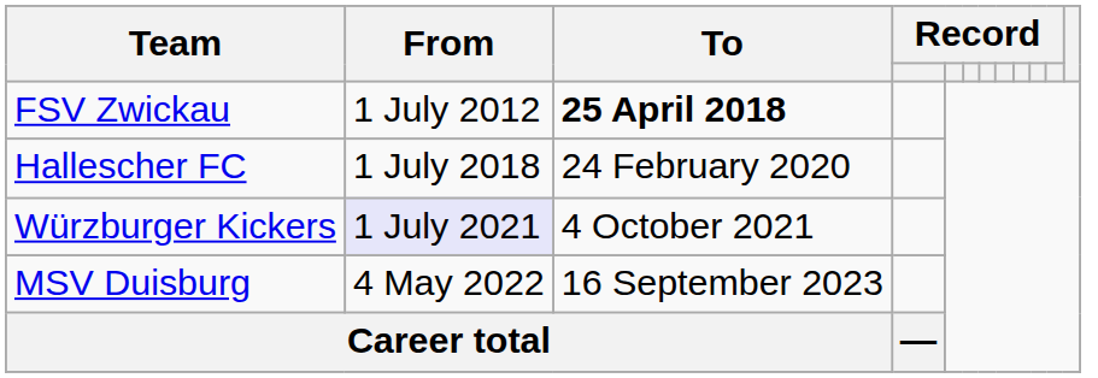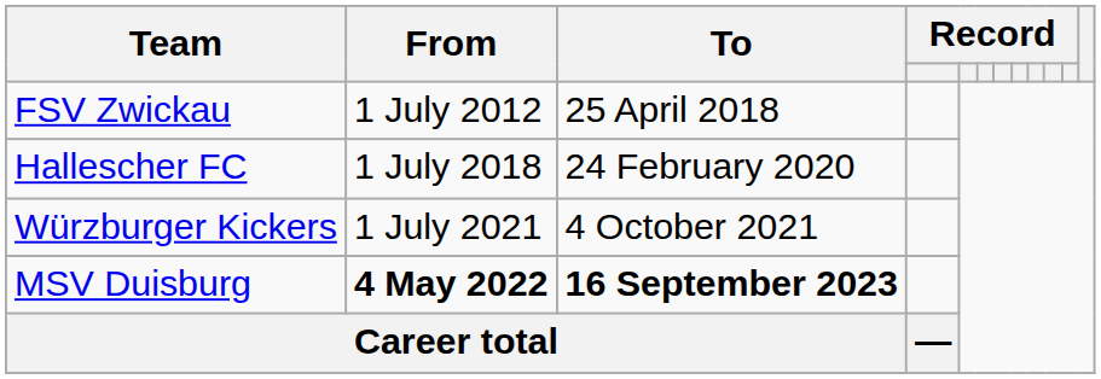 <table class="wikitable" style="text-align: center">
 <tr>
 <th rowspan="2">Team</th>
 <th rowspan="2">From</th>
 <th rowspan="2">To</th>
 <th colspan="8">Record</th>
 <th rowspan=2></th>
 </tr>
 <tr>
 <th></th>
 <th></th>
 <th></th>
 <th></th>
 <th></th>
 <th></th>
 <th></th>
 <th></th>
 </tr>
 <tr>
 <td align="left"><a href='#'>FSV Zwickau</a></td>
 <td align=left>1 July 2012</td>
-<td align=left><strong>25 April 2018<br></strong></td>
+<td align=left>25 April 2018<br></td>
 <td></td>
 </tr>
 <tr>
 <td align="left"><a href='#'>Hallescher FC</a></td>
 <td align=left>1 July 2018</td>
 <td align=left>24 February 2020<br></td>
 <td></td>
 </tr>
 <tr>
 <td align="left"><a href='#'>Würzburger Kickers</a></td>
-<td align=left style="background: lavender;">1 July 2021</td>
+<td align=left>1 July 2021</td>
 <td align=left>4 October 2021<br></td>
 <td></td>
 </tr>
 <tr>
 <td align="left"><a href='#'>MSV Duisburg</a></td>
-<td align=left>4 May 2022</td>
-<td align=left>16 September 2023<br></td>
+<td align=left><strong>4 May 2022</strong></td>
+<td align=left><strong>16 September 2023<br></strong></td>
 <td></td>
 </tr>
 <tr>
 <th colspan=3>Career total<br></th>
 <th>—</th>
 </tr>
 </table>
